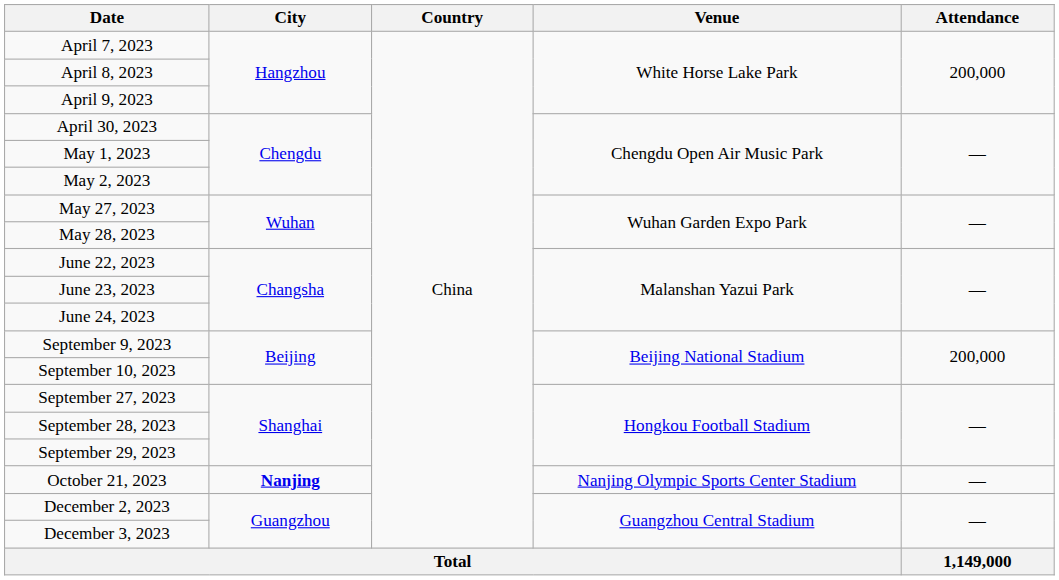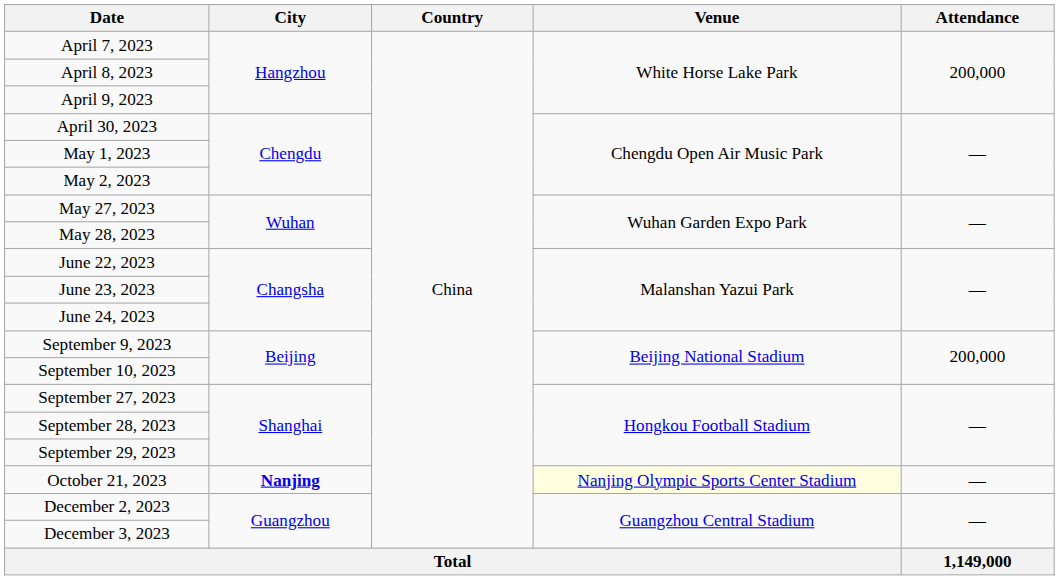 <table class="wikitable plainrowheaders" style="text-align:center;">
 <tr>
 <th scope="col" style="width:11.5em;">Date</th>
 <th scope="col" style="width:9em;">City</th>
 <th scope="col" style="width:9em;">Country</th>
 <th scope="col" style="width:21em;">Venue</th>
 <th scope="col" style="width:8.5em;">Attendance</th>
 </tr>
 <tr>
 <td>April 7, 2023</td>
 <td rowspan="3"><a href='#'>Hangzhou</a></td>
 <td rowspan="19">China</td>
 <td rowspan="3">White Horse Lake Park</td>
 <td rowspan="3">200,000</td>
 </tr>
 <tr>
 <td>April 8, 2023</td>
 </tr>
 <tr>
 <td>April 9, 2023</td>
 </tr>
 <tr>
 <td>April 30, 2023</td>
 <td rowspan="3"><a href='#'>Chengdu</a></td>
 <td rowspan="3">Chengdu Open Air Music Park</td>
 <td rowspan="3">—</td>
 </tr>
 <tr>
 <td>May 1, 2023</td>
 </tr>
 <tr>
 <td>May 2, 2023</td>
 </tr>
 <tr>
 <td>May 27, 2023</td>
 <td rowspan="2"><a href='#'>Wuhan</a></td>
 <td rowspan="2">Wuhan Garden Expo Park</td>
 <td rowspan="2">—</td>
 </tr>
 <tr>
 <td>May 28, 2023</td>
 </tr>
 <tr>
 <td>June 22, 2023</td>
 <td rowspan="3"><a href='#'>Changsha</a></td>
 <td rowspan="3">Malanshan Yazui Park</td>
 <td rowspan="3">—</td>
 </tr>
 <tr>
 <td>June 23, 2023</td>
 </tr>
 <tr>
 <td>June 24, 2023</td>
 </tr>
 <tr>
 <td>September 9, 2023</td>
 <td rowspan="2"><a href='#'>Beijing</a></td>
 <td rowspan="2"><a href='#'>Beijing National Stadium</a></td>
 <td rowspan="2">200,000</td>
 </tr>
 <tr>
 <td>September 10, 2023</td>
 </tr>
 <tr>
 <td>September 27, 2023</td>
 <td rowspan="3"><a href='#'>Shanghai</a></td>
 <td rowspan="3"><a href='#'>Hongkou Football Stadium</a></td>
 <td rowspan="3">—</td>
 </tr>
 <tr>
 <td>September 28, 2023</td>
 </tr>
 <tr>
 <td>September 29, 2023</td>
 </tr>
 <tr>
 <td>October 21, 2023</td>
 <td><strong><a href='#'>Nanjing</a></strong></td>
-<td><a href='#'>Nanjing Olympic Sports Center Stadium</a></td>
+<td style="background: lightyellow;"><a href='#'>Nanjing Olympic Sports Center Stadium</a></td>
 <td>—</td>
 </tr>
 <tr>
 <td>December 2, 2023</td>
 <td rowspan="2"><a href='#'>Guangzhou</a></td>
 <td rowspan="2"><a href='#'>Guangzhou Central Stadium</a></td>
 <td rowspan="2">—</td>
 </tr>
 <tr>
 <td>December 3, 2023</td>
 </tr>
 <tr>
 <th colspan="4">Total</th>
 <th>1,149,000</th>
 </tr>
 </table>
